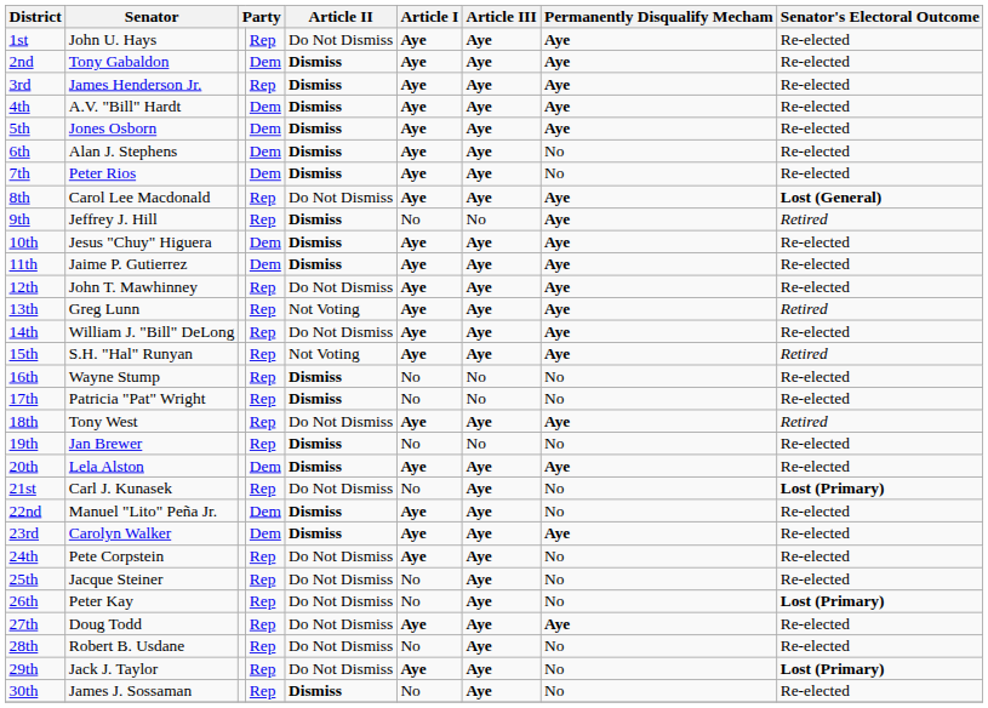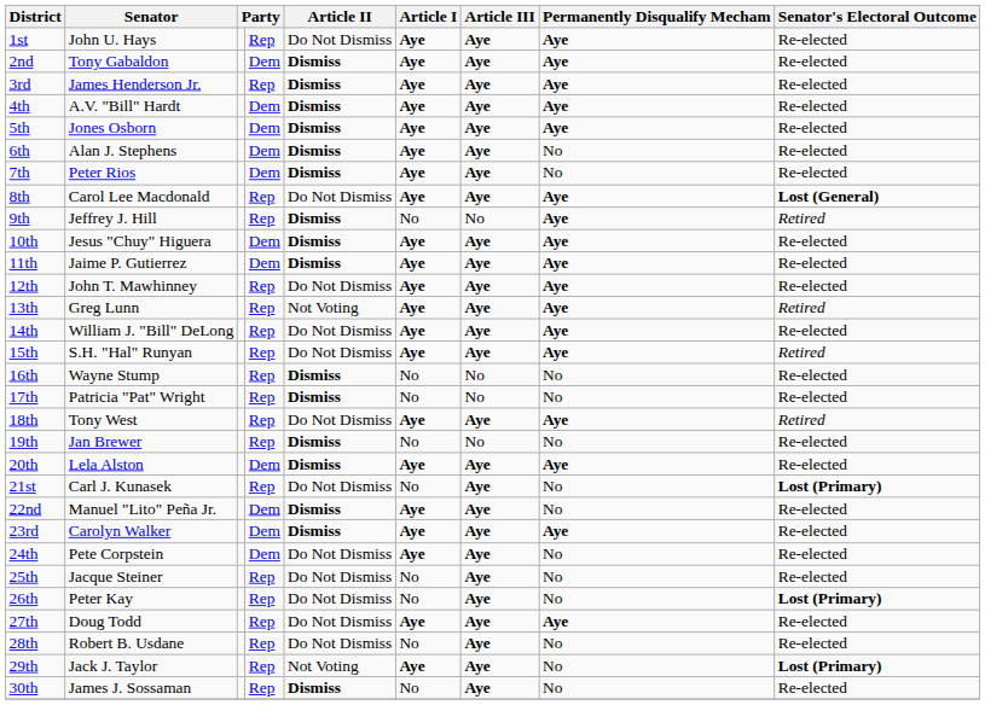 <table class="sortable wikitable" style="font-size:95%;line-height:14px;">
 <tr>
 <th>District</th>
 <th>Senator</th>
 <th colspan="2">Party</th>
 <th>Article II</th>
 <th>Article I</th>
 <th>Article III</th>
 <th>Permanently Disqualify Mecham</th>
 <th>Senator's Electoral Outcome</th>
 </tr>
 <tr>
 <td><a href='#'>1st</a></td>
 <td>John U. Hays</td>
 <td style="background:"></td>
 <td><a href='#'>Rep</a></td>
 <td>Do Not Dismiss</td>
 <td><strong>Aye</strong></td>
 <td><strong>Aye</strong></td>
 <td><strong>Aye</strong></td>
 <td>Re-elected</td>
 </tr>
 <tr>
 <td><a href='#'>2nd</a></td>
 <td><a href='#'>Tony Gabaldon</a></td>
 <td style="background:"></td>
 <td><a href='#'>Dem</a></td>
 <td><strong>Dismiss</strong></td>
 <td><strong>Aye</strong></td>
 <td><strong>Aye</strong></td>
 <td><strong>Aye</strong></td>
 <td>Re-elected</td>
 </tr>
 <tr>
 <td><a href='#'>3rd</a></td>
 <td><a href='#'>James Henderson Jr.</a></td>
 <td style="background:"></td>
 <td><a href='#'>Rep</a></td>
 <td><strong>Dismiss</strong></td>
 <td><strong>Aye</strong></td>
 <td><strong>Aye</strong></td>
 <td><strong>Aye</strong></td>
 <td>Re-elected</td>
 </tr>
 <tr>
 <td><a href='#'>4th</a></td>
 <td>A.V. "Bill" Hardt</td>
 <td style="background:"></td>
 <td><a href='#'>Dem</a></td>
 <td><strong>Dismiss</strong></td>
 <td><strong>Aye</strong></td>
 <td><strong>Aye</strong></td>
 <td><strong>Aye</strong></td>
 <td>Re-elected</td>
 </tr>
 <tr>
 <td><a href='#'>5th</a></td>
 <td><a href='#'>Jones Osborn</a></td>
 <td style="background:"></td>
 <td><a href='#'>Dem</a></td>
 <td><strong>Dismiss</strong></td>
 <td><strong>Aye</strong></td>
 <td><strong>Aye</strong></td>
 <td><strong>Aye</strong></td>
 <td>Re-elected</td>
 </tr>
 <tr>
 <td><a href='#'>6th</a></td>
 <td>Alan J. Stephens</td>
 <td style="background:"></td>
 <td><a href='#'>Dem</a></td>
 <td><strong>Dismiss</strong></td>
 <td><strong>Aye</strong></td>
 <td><strong>Aye</strong></td>
 <td>No</td>
 <td>Re-elected</td>
 </tr>
 <tr>
 <td><a href='#'>7th</a></td>
 <td><a href='#'>Peter Rios</a></td>
 <td style="background:"></td>
 <td><a href='#'>Dem</a></td>
 <td><strong>Dismiss</strong></td>
 <td><strong>Aye</strong></td>
 <td><strong>Aye</strong></td>
 <td>No</td>
 <td>Re-elected</td>
 </tr>
 <tr>
 <td><a href='#'>8th</a></td>
 <td>Carol Lee Macdonald</td>
 <td style="background:"></td>
 <td><a href='#'>Rep</a></td>
 <td>Do Not Dismiss</td>
 <td><strong>Aye</strong></td>
 <td><strong>Aye</strong></td>
 <td><strong>Aye</strong></td>
 <td><strong>Lost (General)</strong></td>
 </tr>
 <tr>
 <td><a href='#'>9th</a></td>
 <td>Jeffrey J. Hill</td>
 <td style="background:"></td>
 <td><a href='#'>Rep</a></td>
 <td><strong>Dismiss</strong></td>
 <td>No</td>
 <td>No</td>
 <td><strong>Aye</strong></td>
 <td><em>Retired</em></td>
 </tr>
 <tr>
 <td><a href='#'>10th</a></td>
 <td>Jesus "Chuy" Higuera</td>
 <td style="background:"></td>
 <td><a href='#'>Dem</a></td>
 <td><strong>Dismiss</strong></td>
 <td><strong>Aye</strong></td>
 <td><strong>Aye</strong></td>
 <td><strong>Aye</strong></td>
 <td>Re-elected</td>
 </tr>
 <tr>
 <td><a href='#'>11th</a></td>
 <td>Jaime P. Gutierrez</td>
 <td style="background:"></td>
 <td><a href='#'>Dem</a></td>
 <td><strong>Dismiss</strong></td>
 <td><strong>Aye</strong></td>
 <td><strong>Aye</strong></td>
 <td><strong>Aye</strong></td>
 <td>Re-elected</td>
 </tr>
 <tr>
 <td><a href='#'>12th</a></td>
 <td>John T. Mawhinney</td>
 <td style="background:"></td>
 <td><a href='#'>Rep</a></td>
 <td>Do Not Dismiss</td>
 <td><strong>Aye</strong></td>
 <td><strong>Aye</strong></td>
 <td><strong>Aye</strong></td>
 <td>Re-elected</td>
 </tr>
 <tr>
 <td><a href='#'>13th</a></td>
 <td>Greg Lunn</td>
 <td style="background:"></td>
 <td><a href='#'>Rep</a></td>
 <td>Not Voting</td>
 <td><strong>Aye</strong></td>
 <td><strong>Aye</strong></td>
 <td><strong>Aye</strong></td>
 <td><em>Retired</em></td>
 </tr>
 <tr>
 <td><a href='#'>14th</a></td>
 <td>William J. "Bill" DeLong</td>
 <td style="background:"></td>
 <td><a href='#'>Rep</a></td>
 <td>Do Not Dismiss</td>
 <td><strong>Aye</strong></td>
 <td><strong>Aye</strong></td>
 <td><strong>Aye</strong></td>
 <td>Re-elected</td>
 </tr>
 <tr>
 <td><a href='#'>15th</a></td>
 <td>S.H. "Hal" Runyan</td>
 <td style="background:"></td>
 <td><a href='#'>Rep</a></td>
-<td>Not Voting</td>
+<td>Do Not Dismiss</td>
 <td><strong>Aye</strong></td>
 <td><strong>Aye</strong></td>
 <td><strong>Aye</strong></td>
 <td><em>Retired</em></td>
 </tr>
 <tr>
 <td><a href='#'>16th</a></td>
 <td>Wayne Stump</td>
 <td style="background:"></td>
 <td><a href='#'>Rep</a></td>
 <td><strong>Dismiss</strong></td>
 <td>No</td>
 <td>No</td>
 <td>No</td>
 <td>Re-elected</td>
 </tr>
 <tr>
 <td><a href='#'>17th</a></td>
 <td>Patricia "Pat" Wright</td>
 <td style="background:"></td>
 <td><a href='#'>Rep</a></td>
 <td><strong>Dismiss</strong></td>
 <td>No</td>
 <td>No</td>
 <td>No</td>
 <td>Re-elected</td>
 </tr>
 <tr>
 <td><a href='#'>18th</a></td>
 <td>Tony West</td>
 <td style="background:"></td>
 <td><a href='#'>Rep</a></td>
 <td>Do Not Dismiss</td>
 <td><strong>Aye</strong></td>
 <td><strong>Aye</strong></td>
 <td><strong>Aye</strong></td>
 <td><em>Retired</em></td>
 </tr>
 <tr>
 <td><a href='#'>19th</a></td>
 <td><a href='#'>Jan Brewer</a></td>
 <td style="background:"></td>
 <td><a href='#'>Rep</a></td>
 <td><strong>Dismiss</strong></td>
 <td>No</td>
 <td>No</td>
 <td>No</td>
 <td>Re-elected</td>
 </tr>
 <tr>
 <td><a href='#'>20th</a></td>
 <td><a href='#'>Lela Alston</a></td>
 <td style="background:"></td>
 <td><a href='#'>Dem</a></td>
 <td><strong>Dismiss</strong></td>
 <td><strong>Aye</strong></td>
 <td><strong>Aye</strong></td>
 <td><strong>Aye</strong></td>
 <td>Re-elected</td>
 </tr>
 <tr>
 <td><a href='#'>21st</a></td>
 <td>Carl J. Kunasek</td>
 <td style="background:"></td>
 <td><a href='#'>Rep</a></td>
 <td>Do Not Dismiss</td>
 <td>No</td>
 <td><strong>Aye</strong></td>
 <td>No</td>
 <td><strong>Lost (Primary)</strong></td>
 </tr>
 <tr>
 <td><a href='#'>22nd</a></td>
 <td>Manuel "Lito" Peña Jr.</td>
 <td style="background:"></td>
 <td><a href='#'>Dem</a></td>
 <td><strong>Dismiss</strong></td>
 <td><strong>Aye</strong></td>
 <td><strong>Aye</strong></td>
 <td>No</td>
 <td>Re-elected</td>
 </tr>
 <tr>
 <td><a href='#'>23rd</a></td>
 <td><a href='#'>Carolyn Walker</a></td>
 <td style="background:"></td>
 <td><a href='#'>Dem</a></td>
 <td><strong>Dismiss</strong></td>
 <td><strong>Aye</strong></td>
 <td><strong>Aye</strong></td>
 <td><strong>Aye</strong></td>
 <td>Re-elected</td>
 </tr>
 <tr>
 <td><a href='#'>24th</a></td>
 <td>Pete Corpstein</td>
 <td style="background:"></td>
-<td><a href='#'>Rep</a></td>
+<td><a href='#'>Dem</a></td>
 <td>Do Not Dismiss</td>
 <td><strong>Aye</strong></td>
 <td><strong>Aye</strong></td>
 <td>No</td>
 <td>Re-elected</td>
 </tr>
 <tr>
 <td><a href='#'>25th</a></td>
 <td>Jacque Steiner</td>
 <td style="background:"></td>
 <td><a href='#'>Rep</a></td>
 <td>Do Not Dismiss</td>
 <td>No</td>
 <td><strong>Aye</strong></td>
 <td>No</td>
 <td>Re-elected</td>
 </tr>
 <tr>
 <td><a href='#'>26th</a></td>
 <td>Peter Kay</td>
 <td style="background:"></td>
 <td><a href='#'>Rep</a></td>
 <td>Do Not Dismiss</td>
 <td>No</td>
 <td><strong>Aye</strong></td>
 <td>No</td>
 <td><strong>Lost (Primary)</strong></td>
 </tr>
 <tr>
 <td><a href='#'>27th</a></td>
 <td>Doug Todd</td>
 <td style="background:"></td>
 <td><a href='#'>Rep</a></td>
 <td>Do Not Dismiss</td>
 <td><strong>Aye</strong></td>
 <td><strong>Aye</strong></td>
 <td><strong>Aye</strong></td>
 <td>Re-elected</td>
 </tr>
 <tr>
 <td><a href='#'>28th</a></td>
 <td>Robert B. Usdane</td>
 <td style="background:"></td>
 <td><a href='#'>Rep</a></td>
 <td>Do Not Dismiss</td>
 <td>No</td>
 <td><strong>Aye</strong></td>
 <td>No</td>
 <td>Re-elected</td>
 </tr>
 <tr>
 <td><a href='#'>29th</a></td>
 <td>Jack J. Taylor</td>
 <td style="background:"></td>
 <td><a href='#'>Rep</a></td>
-<td>Do Not Dismiss</td>
+<td>Not Voting</td>
 <td><strong>Aye</strong></td>
 <td><strong>Aye</strong></td>
 <td>No</td>
 <td><strong>Lost (Primary)</strong></td>
 </tr>
 <tr>
 <td><a href='#'>30th</a></td>
 <td>James J. Sossaman</td>
 <td style="background:"></td>
 <td><a href='#'>Rep</a></td>
 <td><strong>Dismiss</strong></td>
 <td>No</td>
 <td><strong>Aye</strong></td>
 <td>No</td>
 <td>Re-elected</td>
 </tr>
 <tr>
 </tr>
 </table>
